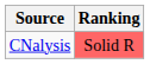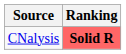 <table class="wikitable" style="text-align:center">
 <tr>
 <th>Source</th>
 <th>Ranking</th>
 </tr>
 <tr>
 <td align=left><a href='#'>CNalysis</a></td>
-<td style="background:#f66" data-sort-value=4>Solid R</td>
+<td style="background:#f66" data-sort-value=4><strong>Solid R</strong></td>
 </tr>
 </table>
